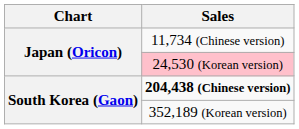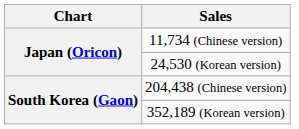 <table class="wikitable sortable plainrowheaders">
 <tr>
 <th scope="col">Chart</th>
 <th scope="col">Sales</th>
 </tr>
 <tr>
 <th scope="row" rowspan="2">Japan (<a href='#'>Oricon</a>)</th>
 <td align="center">11,734 <small>(Chinese version)</small></td>
 </tr>
 <tr>
-<td align="center" style="background: pink;">24,530 <small>(Korean version)</small></td>
+<td align="center">24,530 <small>(Korean version)</small></td>
 </tr>
 <tr>
 <th scope="row"  rowspan="2">South Korea (<a href='#'>Gaon</a>)</th>
-<td align="center"><strong>204,438 <small>(Chinese version)</small></strong></td>
+<td align="center">204,438 <small>(Chinese version)</small></td>
 </tr>
 <tr>
 <td align="center">352,189 <small>(Korean version)</small></td>
 </tr>
 </table>
